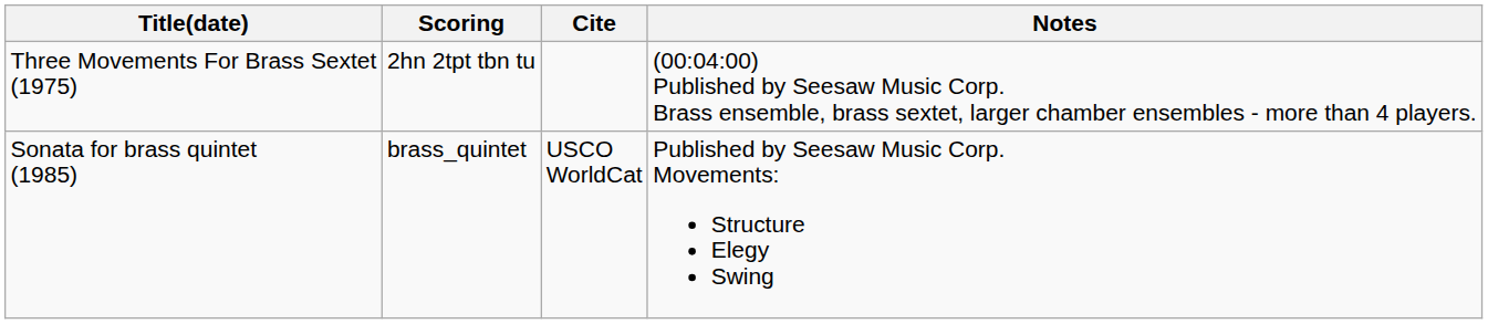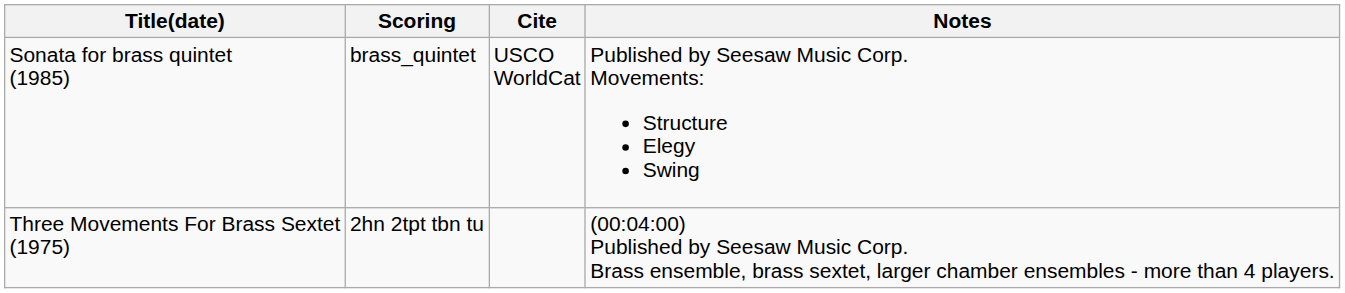 <table class="sortable wikitable" style="margins:auto; width=95%;">
 <tr>
 <th width="">Title(date)</th>
 <th width="">Scoring</th>
 <th width="">Cite</th>
 <th width="">Notes</th>
 </tr>
 <tr valign="top">
+<td>Sonata for brass quintet<br>(1985)</td>
+<td>brass_quintet</td>
+<td>USCO<br>WorldCat</td>
+<td>Published by Seesaw Music Corp.<br>Movements:<ul><li>Structure</li><li>Elegy</li><li>Swing</li></ul></td>
+</tr>
+<tr valign="top">
 <td>Three Movements For Brass Sextet<br>(1975)</td>
 <td>2hn 2tpt tbn tu</td>
 <td></td>
 <td>(00:04:00)<br>Published by Seesaw Music Corp.<br>Brass ensemble, brass sextet, larger chamber ensembles - more than 4 players.</td>
 </tr>
-<tr valign="top">
-<td>Sonata for brass quintet<br>(1985)</td>
-<td>brass_quintet</td>
-<td>USCO<br>WorldCat</td>
-<td>Published by Seesaw Music Corp.<br>Movements:<ul><li>Structure</li><li>Elegy</li><li>Swing</li></ul></td>
-</tr>
 </table>
